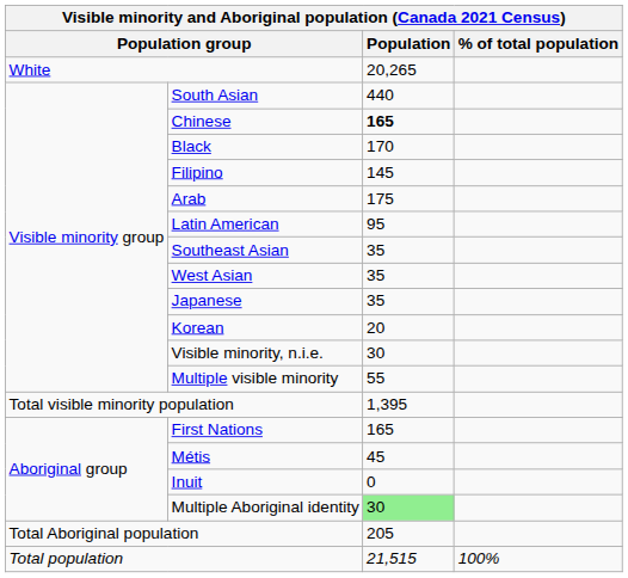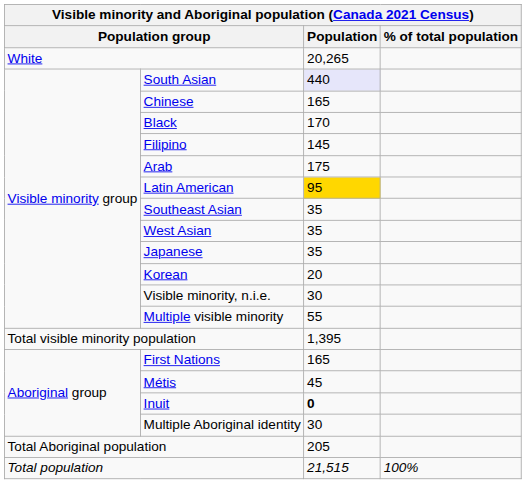 <table class="wikitable">
 <tr>
 <th colspan=4>Visible minority and Aboriginal population (<a href='#'>Canada 2021 Census</a>)</th>
 </tr>
 <tr>
 <th colspan="2">Population group</th>
 <th>Population</th>
 <th>% of total population</th>
 </tr>
 <tr>
 <td colspan="2"><a href='#'>White</a></td>
 <td>20,265</td>
 <td></td>
 </tr>
 <tr>
 <td rowspan="12"><a href='#'>Visible minority</a> group</td>
 <td><a href='#'>South Asian</a></td>
-<td>440</td>
+<td style="background: lavender;">440</td>
 <td></td>
 </tr>
 <tr>
 <td><a href='#'>Chinese</a></td>
-<td><strong>165</strong></td>
+<td>165</td>
 <td></td>
 </tr>
 <tr>
 <td><a href='#'>Black</a></td>
 <td>170</td>
 <td></td>
 </tr>
 <tr>
 <td><a href='#'>Filipino</a></td>
 <td>145</td>
 <td></td>
 </tr>
 <tr>
 <td><a href='#'>Arab</a></td>
 <td>175</td>
 <td></td>
 </tr>
 <tr>
 <td><a href='#'>Latin American</a></td>
-<td>95</td>
+<td style="background: gold;">95</td>
 <td></td>
 </tr>
 <tr>
 <td><a href='#'>Southeast Asian</a></td>
 <td>35</td>
 <td></td>
 </tr>
 <tr>
 <td><a href='#'>West Asian</a></td>
 <td>35</td>
 <td></td>
 </tr>
 <tr>
 <td><a href='#'>Japanese</a></td>
 <td>35</td>
 <td></td>
 </tr>
 <tr>
 <td><a href='#'>Korean</a></td>
 <td>20</td>
 <td></td>
 </tr>
 <tr>
 <td>Visible minority, n.i.e.</td>
 <td>30</td>
 <td></td>
 </tr>
 <tr>
 <td><a href='#'>Multiple</a> visible minority</td>
 <td>55</td>
 <td></td>
 </tr>
 <tr>
 <td colspan="2">Total visible minority population</td>
 <td>1,395</td>
 <td></td>
 </tr>
 <tr>
 <td rowspan="4"><a href='#'>Aboriginal</a> group</td>
 <td><a href='#'>First Nations</a></td>
 <td>165</td>
 <td></td>
 </tr>
 <tr>
 <td><a href='#'>Métis</a></td>
 <td>45</td>
 <td></td>
 </tr>
 <tr>
 <td><a href='#'>Inuit</a></td>
-<td>0</td>
+<td><strong>0</strong></td>
 <td></td>
 </tr>
 <tr>
 <td>Multiple Aboriginal identity</td>
-<td style="background: lightgreen;">30</td>
+<td>30</td>
 <td></td>
 </tr>
 <tr>
 <td colspan="2">Total Aboriginal population</td>
 <td>205</td>
 <td></td>
 </tr>
 <tr>
 <td colspan="2"><em>Total population</em></td>
 <td><em>21,515</em></td>
 <td><em>100%</em></td>
 </tr>
 </table>
